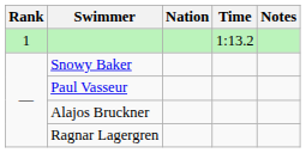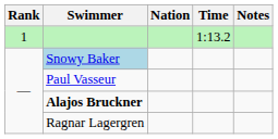 <table class="wikitable sortable" style="text-align:center">
 <tr>
 <th>Rank</th>
 <th>Swimmer</th>
 <th>Nation</th>
 <th>Time</th>
 <th>Notes</th>
 </tr>
 <tr bgcolor=BBF3BB>
 <td>1</td>
 <td align=left></td>
 <td align=left></td>
 <td>1:13.2</td>
 <td></td>
 </tr>
 <tr>
 <td rowspan=4 data-sort-value=2>—</td>
-<td align=left data-sort-value="Baker, Snowy"><a href='#'>Snowy Baker</a></td>
+<td align=left data-sort-value="Baker, Snowy" style="background: lightblue;"><a href='#'>Snowy Baker</a></td>
 <td align=left></td>
 <td></td>
 <td></td>
 </tr>
 <tr>
 <td align=left data-sort-value="Vasseur, Paul"><a href='#'>Paul Vasseur</a></td>
 <td align=left></td>
 <td></td>
 <td></td>
 </tr>
 <tr>
-<td align=left data-sort-value="Bruckner, Alajos">Alajos Bruckner</td>
+<td align=left data-sort-value="Bruckner, Alajos"><strong>Alajos Bruckner</strong></td>
 <td align=left></td>
 <td></td>
 <td></td>
 </tr>
 <tr>
 <td align=left data-sort-value="Lagergren, Ragnar">Ragnar Lagergren</td>
 <td align=left></td>
 <td></td>
 <td></td>
 </tr>
 </table>
